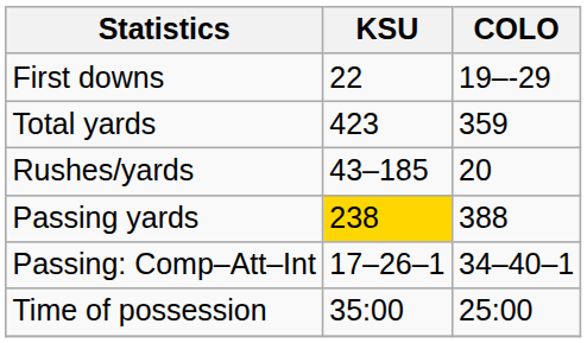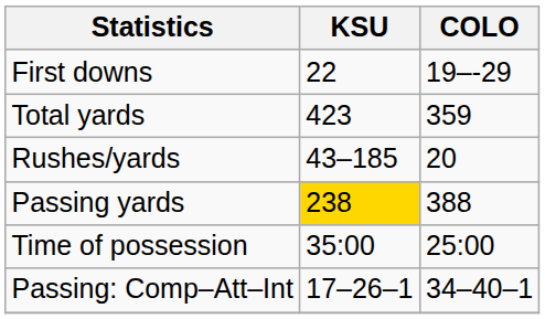 <table class="wikitable" style="float: left;">
 <tr>
 <th>Statistics</th>
 <th>KSU</th>
 <th>COLO</th>
 </tr>
 <tr>
 <td>First downs</td>
 <td>22</td>
 <td>19–-29</td>
 </tr>
 <tr>
 <td>Total yards</td>
 <td>423</td>
 <td>359</td>
 </tr>
 <tr>
 <td>Rushes/yards</td>
 <td>43–185</td>
 <td>20</td>
 </tr>
 <tr>
 <td>Passing yards</td>
 <td style="background: gold;">238</td>
 <td>388</td>
 </tr>
 <tr>
+<td>Time of possession</td>
+<td>35:00</td>
+<td>25:00</td>
+</tr>
+<tr>
 <td>Passing: Comp–Att–Int</td>
 <td>17–26–1</td>
 <td>34–40–1</td>
 </tr>
 <tr>
-<td>Time of possession</td>
-<td>35:00</td>
-<td>25:00</td>
-</tr>
-<tr>
 </tr>
 </table>
